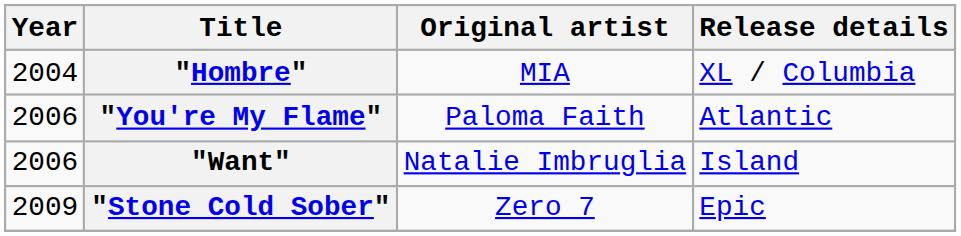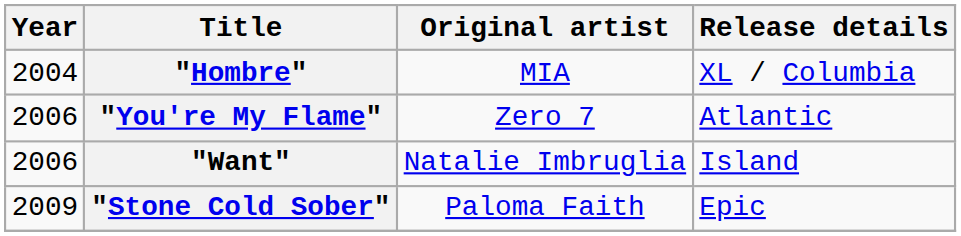 <table class="wikitable plainrowheaders" style="text-align:center;">
 <tr>
 <th scope="col" rowspan="1">Year</th>
 <th scope="col" rowspan="1">Title</th>
 <th scope="col" rowspan="1">Original artist</th>
 <th scope="col" rowspan="1">Release details</th>
 </tr>
 <tr>
 <td rowspan="1">2004</td>
 <th scope="row">"<a href='#'>Hombre</a>"</th>
 <td><a href='#'>MIA</a></td>
 <td align=left><a href='#'>XL</a> / <a href='#'>Columbia</a></td>
 </tr>
 <tr>
 <td rowspan="1">2006</td>
 <th scope="row">"<a href='#'>You're My Flame</a>"</th>
-<td><a href='#'>Paloma Faith</a></td>
+<td><a href='#'>Zero 7</a></td>
 <td align=left><a href='#'>Atlantic</a></td>
 </tr>
 <tr>
 <td rowspan="1">2006</td>
 <th scope="row">"Want"</th>
 <td><a href='#'>Natalie Imbruglia</a></td>
 <td align=left><a href='#'>Island</a></td>
 </tr>
 <tr>
 <td rowspan="1">2009</td>
 <th scope="row">"<a href='#'>Stone Cold Sober</a>"</th>
-<td><a href='#'>Zero 7</a></td>
+<td><a href='#'>Paloma Faith</a></td>
 <td align=left><a href='#'>Epic</a></td>
 </tr>
 <tr>
 </tr>
 </table>
